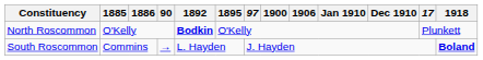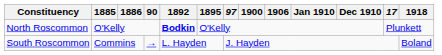 <table class="wikitable">
 <tr>
 <th>Constituency</th>
 <th>1885</th>
 <th>1886</th>
 <th>90</th>
 <th>1892</th>
 <th>1895</th>
 <th><em>97</em></th>
 <th>1900</th>
 <th>1906</th>
 <th>Jan 1910</th>
 <th>Dec 1910</th>
 <th><em>17</em></th>
 <th>1918</th>
 </tr>
 <tr>
 <td><a href='#'>North Roscommon</a></td>
 <td colspan="3"><a href='#'>O'Kelly</a></td>
 <td><strong><a href='#'>Bodkin</a></strong></td>
 <td colspan="6"><a href='#'>O'Kelly</a></td>
 <td colspan="2"><a href='#'>Plunkett</a></td>
 </tr>
 <tr>
 <td><a href='#'>South Roscommon</a></td>
 <td colspan="2"><a href='#'>Commins</a></td>
 <td><a href='#'>→</a></td>
 <td colspan="2"><a href='#'>L. Hayden</a></td>
 <td colspan="6"><a href='#'>J. Hayden</a></td>
-<td><strong><a href='#'>Boland</a></strong></td>
+<td><a href='#'>Boland</a></td>
 </tr>
 </table>
